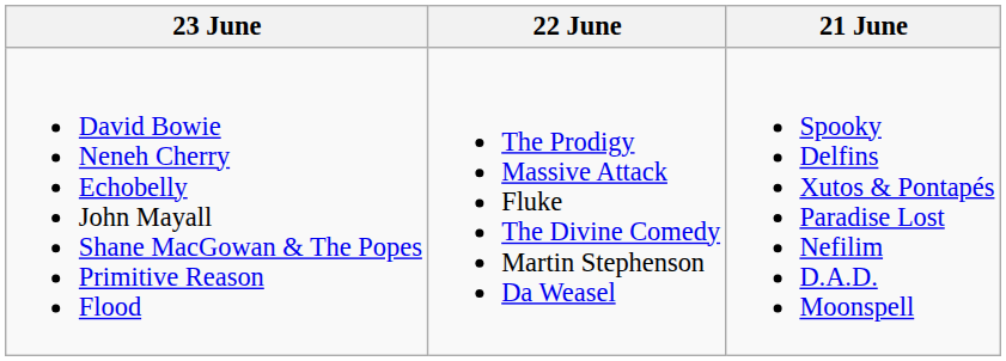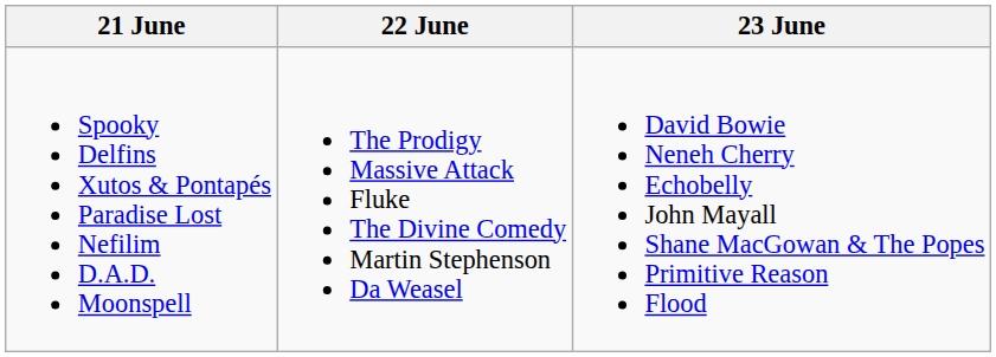 <table class="wikitable">
 <tr>
+<th>21 June</th>
+<th>22 June</th>
 <th>23 June</th>
-<th>22 June</th>
-<th>21 June</th>
 </tr>
 <tr>
+<td><br><ul><li><a href='#'>Spooky</a></li><li><a href='#'>Delfins</a></li><li><a href='#'>Xutos & Pontapés</a></li><li><a href='#'>Paradise Lost</a></li><li><a href='#'>Nefilim</a></li><li><a href='#'>D.A.D.</a></li><li><a href='#'>Moonspell</a></li></ul></td>
+<td><br><ul><li><a href='#'>The Prodigy</a></li><li><a href='#'>Massive Attack</a></li><li>Fluke</li><li><a href='#'>The Divine Comedy</a></li><li>Martin Stephenson</li><li><a href='#'>Da Weasel</a></li></ul></td>
 <td><br><ul><li><a href='#'>David Bowie</a></li><li><a href='#'>Neneh Cherry</a></li><li><a href='#'>Echobelly</a></li><li>John Mayall</li><li><a href='#'>Shane MacGowan & The Popes</a></li><li><a href='#'>Primitive Reason</a></li><li><a href='#'>Flood</a></li></ul></td>
-<td><br><ul><li><a href='#'>The Prodigy</a></li><li><a href='#'>Massive Attack</a></li><li>Fluke</li><li><a href='#'>The Divine Comedy</a></li><li>Martin Stephenson</li><li><a href='#'>Da Weasel</a></li></ul></td>
-<td><br><ul><li><a href='#'>Spooky</a></li><li><a href='#'>Delfins</a></li><li><a href='#'>Xutos & Pontapés</a></li><li><a href='#'>Paradise Lost</a></li><li><a href='#'>Nefilim</a></li><li><a href='#'>D.A.D.</a></li><li><a href='#'>Moonspell</a></li></ul></td>
 </tr>
 </table>
